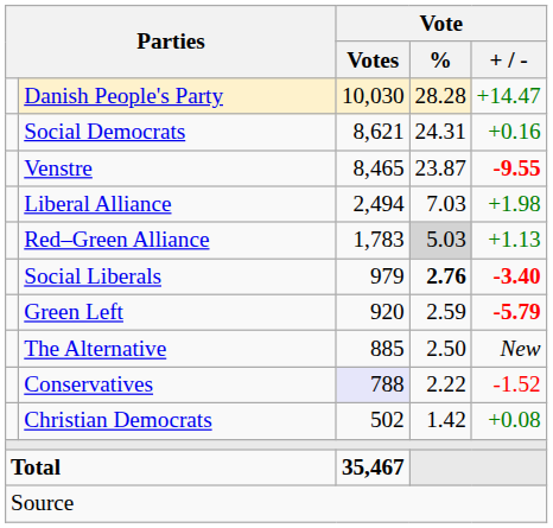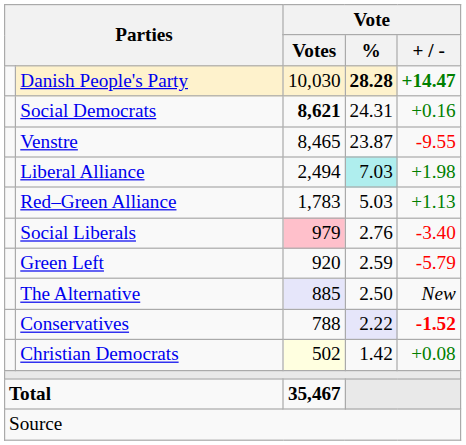 <table class="wikitable" style="text-align:right;">
 <tr>
 <th style="text-align:centre;" rowspan="2" colspan="2" width="225">Parties</th>
 <th colspan="3">Vote</th>
 </tr>
 <tr>
 <th width="15">Votes</th>
 <th width="15">%</th>
 <th width="15">+ / -</th>
 </tr>
 <tr>
 <td width="2" style="color:inherit;background:"></td>
 <td bgcolor=#fef2cc  align="left"><a href='#'>Danish People's Party</a></td>
 <td bgcolor=#fef2cc>10,030</td>
-<td bgcolor=#fef2cc>28.28</td>
-<td style=color:green;>+14.47</td>
+<td bgcolor=#fef2cc><strong>28.28</strong></td>
+<td style=color:green;><strong>+14.47</strong></td>
 </tr>
 <tr>
 <td width="2" style="color:inherit;background:"></td>
 <td align="left"><a href='#'>Social Democrats</a></td>
-<td>8,621</td>
+<td><strong>8,621</strong></td>
 <td>24.31</td>
 <td style=color:green;>+0.16</td>
 </tr>
 <tr>
 <td width="2" style="color:inherit;background:"></td>
 <td align="left"><a href='#'>Venstre</a></td>
 <td>8,465</td>
 <td>23.87</td>
-<td style=color:red;><strong>-9.55</strong></td>
+<td style=color:red;>-9.55</td>
 </tr>
 <tr>
 <td width="2" style="color:inherit;background:"></td>
 <td align="left"><a href='#'>Liberal Alliance</a></td>
 <td>2,494</td>
-<td>7.03</td>
+<td style="background: paleturquoise;">7.03</td>
 <td style=color:green;>+1.98</td>
 </tr>
 <tr>
 <td width="2" style="color:inherit;background:"></td>
 <td align="left"><a href='#'>Red–Green Alliance</a></td>
 <td>1,783</td>
-<td style="background: lightgrey;">5.03</td>
+<td>5.03</td>
 <td style=color:green;>+1.13</td>
 </tr>
 <tr>
 <td width="2" style="color:inherit;background:"></td>
 <td align="left"><a href='#'>Social Liberals</a></td>
-<td>979</td>
-<td><strong>2.76</strong></td>
-<td style=color:red;><strong>-3.40</strong></td>
+<td style="background: pink;">979</td>
+<td>2.76</td>
+<td style=color:red;>-3.40</td>
 </tr>
 <tr>
 <td width="2" style="color:inherit;background:"></td>
 <td align="left"><a href='#'>Green Left</a></td>
 <td>920</td>
 <td>2.59</td>
-<td style=color:red;><strong>-5.79</strong></td>
+<td style=color:red;>-5.79</td>
 </tr>
 <tr>
 <td width="2" style="color:inherit;background:"></td>
 <td align="left"><a href='#'>The Alternative</a></td>
-<td>885</td>
+<td style="background: lavender;">885</td>
 <td>2.50</td>
 <td><em>New</em></td>
 </tr>
 <tr>
 <td width="2" style="color:inherit;background:"></td>
 <td align="left"><a href='#'>Conservatives</a></td>
-<td style="background: lavender;">788</td>
-<td>2.22</td>
-<td style=color:red;>-1.52</td>
+<td>788</td>
+<td style="background: lavender;">2.22</td>
+<td style=color:red;><strong>-1.52</strong></td>
 </tr>
 <tr>
 <td width="2" style="color:inherit;background:"></td>
 <td align="left"><a href='#'>Christian Democrats</a></td>
-<td>502</td>
+<td style="background: lightyellow;">502</td>
 <td>1.42</td>
 <td style=color:green;>+0.08</td>
 </tr>
 <tr>
 <td colspan="7" bgcolor="#E9E9E9"></td>
 </tr>
 <tr>
 <td align="left" colspan="2"><strong>Total</strong></td>
 <td><strong>35,467</strong></td>
 <td bgcolor="#E9E9E9" colspan="2"></td>
 </tr>
 <tr>
 <td align="left" colspan="6">Source</td>
 </tr>
 </table>
